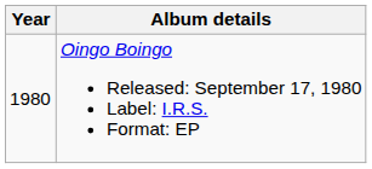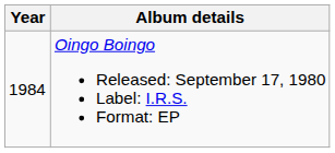 <table class="wikitable">
 <tr>
 <th style="width:2.3em;">Year</th>
 <th>Album details</th>
 </tr>
 <tr>
-<td>1980</td>
+<td>1984</td>
 <td><em><a href='#'>Oingo Boingo</a></em><br><ul><li>Released: September 17, 1980</li><li>Label: <a href='#'>I.R.S.</a></li><li>Format: EP</li></ul></td>
 </tr>
 </table>
